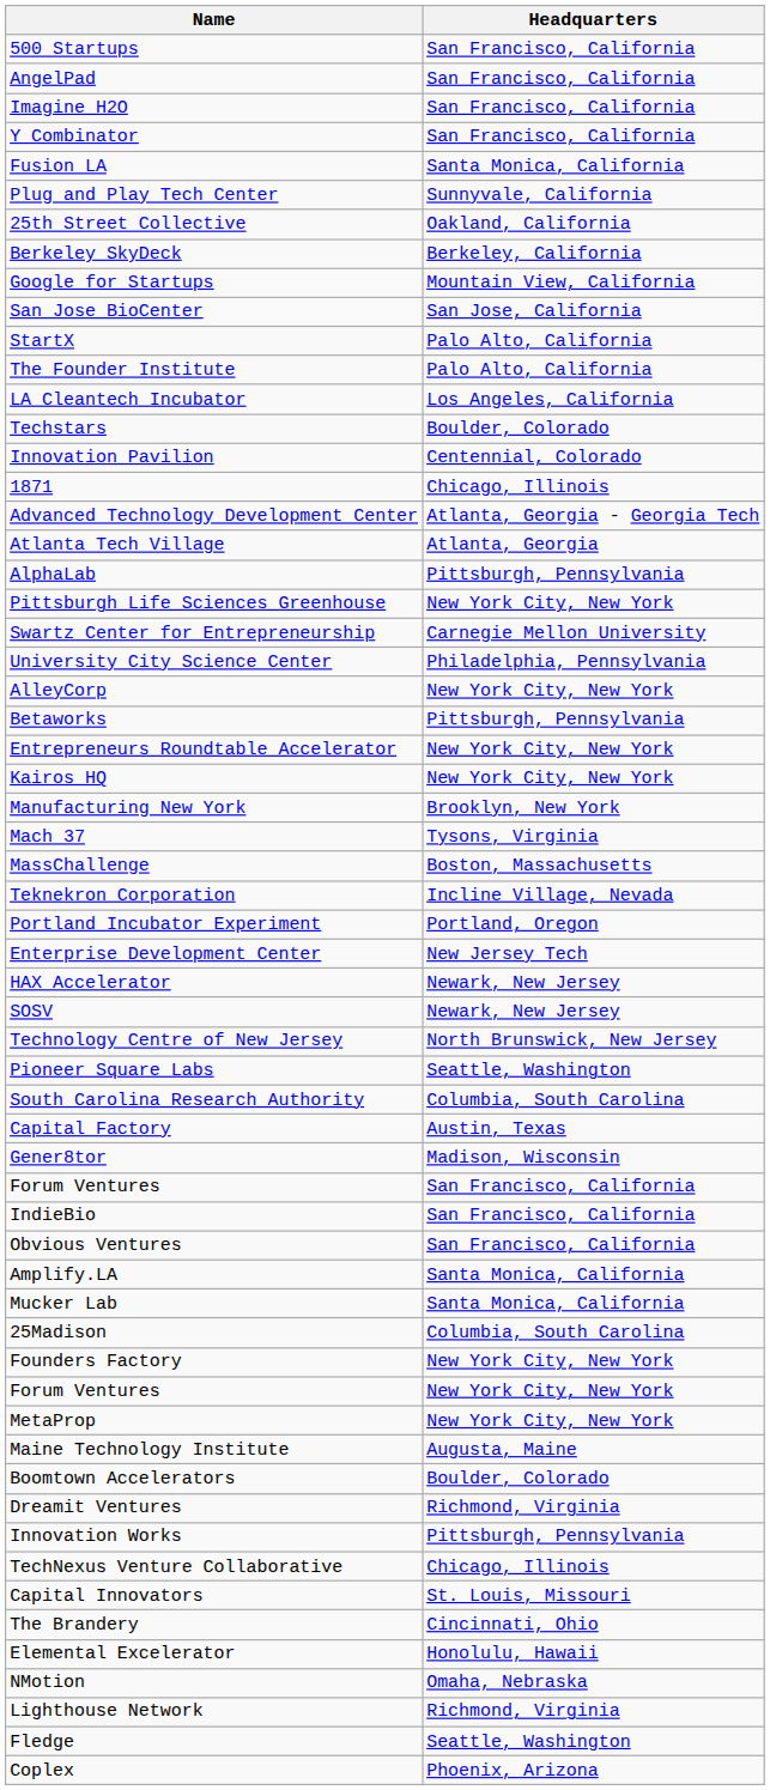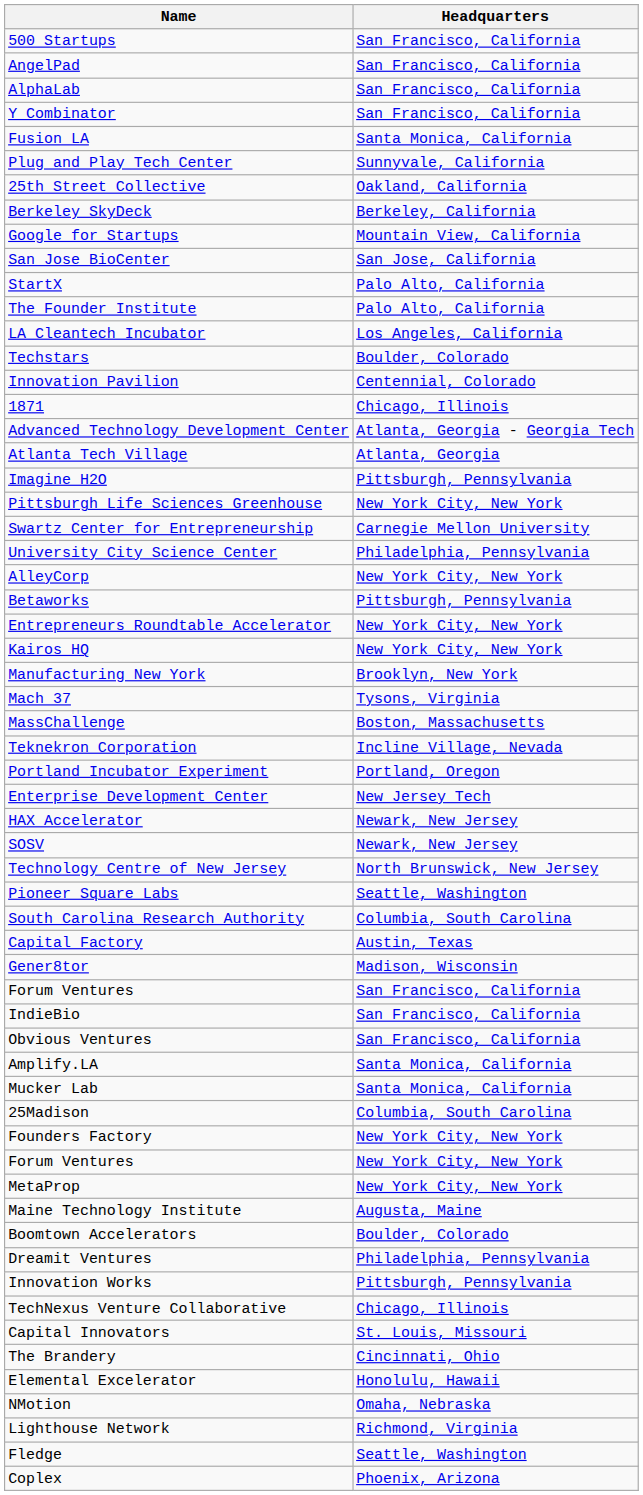 <table class="wikitable sortable">
 <tr>
 <th>Name</th>
 <th>Headquarters</th>
 </tr>
 <tr>
 <td><a href='#'>500 Startups</a></td>
 <td><a href='#'>San Francisco, California</a></td>
 </tr>
 <tr>
 <td><a href='#'>AngelPad</a></td>
 <td><a href='#'>San Francisco, California</a></td>
 </tr>
 <tr>
-<td><a href='#'>Imagine H2O</a></td>
+<td><a href='#'>AlphaLab</a></td>
 <td><a href='#'>San Francisco, California</a></td>
 </tr>
 <tr>
 <td><a href='#'>Y Combinator</a></td>
 <td><a href='#'>San Francisco, California</a></td>
 </tr>
 <tr>
 <td><a href='#'>Fusion LA</a></td>
 <td><a href='#'>Santa Monica, California</a></td>
 </tr>
 <tr>
 <td><a href='#'>Plug and Play Tech Center</a></td>
 <td><a href='#'>Sunnyvale, California</a></td>
 </tr>
 <tr>
 <td><a href='#'>25th Street Collective</a></td>
 <td><a href='#'>Oakland, California</a></td>
 </tr>
 <tr>
 <td><a href='#'>Berkeley SkyDeck</a></td>
 <td><a href='#'>Berkeley, California</a></td>
 </tr>
 <tr>
 <td><a href='#'>Google for Startups</a></td>
 <td><a href='#'>Mountain View, California</a></td>
 </tr>
 <tr>
 <td><a href='#'>San Jose BioCenter</a></td>
 <td><a href='#'>San Jose, California</a></td>
 </tr>
 <tr>
 <td><a href='#'>StartX</a></td>
 <td><a href='#'>Palo Alto, California</a></td>
 </tr>
 <tr>
 <td><a href='#'>The Founder Institute</a></td>
 <td><a href='#'>Palo Alto, California</a></td>
 </tr>
 <tr>
 <td><a href='#'>LA Cleantech Incubator</a></td>
 <td><a href='#'>Los Angeles, California</a></td>
 </tr>
 <tr>
 <td><a href='#'>Techstars</a></td>
 <td><a href='#'>Boulder, Colorado</a></td>
 </tr>
 <tr>
 <td><a href='#'>Innovation Pavilion</a></td>
 <td><a href='#'>Centennial, Colorado</a></td>
 </tr>
 <tr>
 <td><a href='#'>1871</a></td>
 <td><a href='#'>Chicago, Illinois</a></td>
 </tr>
 <tr>
 <td><a href='#'>Advanced Technology Development Center</a></td>
 <td><a href='#'>Atlanta, Georgia</a> - <a href='#'>Georgia Tech</a></td>
 </tr>
 <tr>
 <td><a href='#'>Atlanta Tech Village</a></td>
 <td><a href='#'>Atlanta, Georgia</a></td>
 </tr>
 <tr>
-<td><a href='#'>AlphaLab</a></td>
+<td><a href='#'>Imagine H2O</a></td>
 <td><a href='#'>Pittsburgh, Pennsylvania</a></td>
 </tr>
 <tr>
 <td><a href='#'>Pittsburgh Life Sciences Greenhouse</a></td>
 <td><a href='#'>New York City, New York</a></td>
 </tr>
 <tr>
 <td><a href='#'>Swartz Center for Entrepreneurship</a></td>
 <td><a href='#'>Carnegie Mellon University</a></td>
 </tr>
 <tr>
 <td><a href='#'>University City Science Center</a></td>
 <td><a href='#'>Philadelphia, Pennsylvania</a></td>
 </tr>
 <tr>
 <td><a href='#'>AlleyCorp</a></td>
 <td><a href='#'>New York City, New York</a></td>
 </tr>
 <tr>
 <td><a href='#'>Betaworks</a></td>
 <td><a href='#'>Pittsburgh, Pennsylvania</a></td>
 </tr>
 <tr>
 <td><a href='#'>Entrepreneurs Roundtable Accelerator</a></td>
 <td><a href='#'>New York City, New York</a></td>
 </tr>
 <tr>
 <td><a href='#'>Kairos HQ</a></td>
 <td><a href='#'>New York City, New York</a></td>
 </tr>
 <tr>
 <td><a href='#'>Manufacturing New York</a></td>
 <td><a href='#'>Brooklyn, New York</a></td>
 </tr>
 <tr>
 <td><a href='#'>Mach 37</a></td>
 <td><a href='#'>Tysons, Virginia</a></td>
 </tr>
 <tr>
 <td><a href='#'>MassChallenge</a></td>
 <td><a href='#'>Boston, Massachusetts</a></td>
 </tr>
 <tr>
 <td><a href='#'>Teknekron Corporation</a></td>
 <td><a href='#'>Incline Village, Nevada</a></td>
 </tr>
 <tr>
 <td><a href='#'>Portland Incubator Experiment</a></td>
 <td><a href='#'>Portland, Oregon</a></td>
 </tr>
 <tr>
 <td><a href='#'>Enterprise Development Center</a></td>
 <td><a href='#'>New Jersey Tech</a></td>
 </tr>
 <tr>
 <td><a href='#'>HAX Accelerator</a></td>
 <td><a href='#'>Newark, New Jersey</a></td>
 </tr>
 <tr>
 <td><a href='#'>SOSV</a></td>
 <td><a href='#'>Newark, New Jersey</a></td>
 </tr>
 <tr>
 <td><a href='#'>Technology Centre of New Jersey</a></td>
 <td><a href='#'>North Brunswick, New Jersey</a></td>
 </tr>
 <tr>
 <td><a href='#'>Pioneer Square Labs</a></td>
 <td><a href='#'>Seattle, Washington</a></td>
 </tr>
 <tr>
 <td><a href='#'>South Carolina Research Authority</a></td>
 <td><a href='#'>Columbia, South Carolina</a></td>
 </tr>
 <tr>
 <td><a href='#'>Capital Factory</a></td>
 <td><a href='#'>Austin, Texas</a></td>
 </tr>
 <tr>
 <td><a href='#'>Gener8tor</a></td>
 <td><a href='#'>Madison, Wisconsin</a></td>
 </tr>
 <tr>
 <td>Forum Ventures</td>
 <td><a href='#'>San Francisco, California</a></td>
 </tr>
 <tr>
 <td>IndieBio</td>
 <td><a href='#'>San Francisco, California</a></td>
 </tr>
 <tr>
 <td>Obvious Ventures</td>
 <td><a href='#'>San Francisco, California</a></td>
 </tr>
 <tr>
 <td>Amplify.LA</td>
 <td><a href='#'>Santa Monica, California</a></td>
 </tr>
 <tr>
 <td>Mucker Lab</td>
 <td><a href='#'>Santa Monica, California</a></td>
 </tr>
 <tr>
 <td>25Madison</td>
 <td><a href='#'>Columbia, South Carolina</a></td>
 </tr>
 <tr>
 <td>Founders Factory</td>
 <td><a href='#'>New York City, New York</a></td>
 </tr>
 <tr>
 <td>Forum Ventures</td>
 <td><a href='#'>New York City, New York</a></td>
 </tr>
 <tr>
 <td>MetaProp</td>
 <td><a href='#'>New York City, New York</a></td>
 </tr>
 <tr>
 <td>Maine Technology Institute</td>
 <td><a href='#'>Augusta, Maine</a></td>
 </tr>
 <tr>
 <td>Boomtown Accelerators</td>
 <td><a href='#'>Boulder, Colorado</a></td>
 </tr>
 <tr>
 <td>Dreamit Ventures</td>
-<td><a href='#'>Richmond, Virginia</a></td>
+<td><a href='#'>Philadelphia, Pennsylvania</a></td>
 </tr>
 <tr>
 <td>Innovation Works</td>
 <td><a href='#'>Pittsburgh, Pennsylvania</a></td>
 </tr>
 <tr>
 <td>TechNexus Venture Collaborative</td>
 <td><a href='#'>Chicago, Illinois</a></td>
 </tr>
 <tr>
 <td>Capital Innovators</td>
 <td><a href='#'>St. Louis, Missouri</a></td>
 </tr>
 <tr>
 <td>The Brandery</td>
 <td><a href='#'>Cincinnati, Ohio</a></td>
 </tr>
 <tr>
 <td>Elemental Excelerator</td>
 <td><a href='#'>Honolulu, Hawaii</a></td>
 </tr>
 <tr>
 <td>NMotion</td>
 <td><a href='#'>Omaha, Nebraska</a></td>
 </tr>
 <tr>
 <td>Lighthouse Network</td>
 <td><a href='#'>Richmond, Virginia</a></td>
 </tr>
 <tr>
 <td>Fledge</td>
 <td><a href='#'>Seattle, Washington</a></td>
 </tr>
 <tr>
 <td>Coplex</td>
 <td><a href='#'>Phoenix, Arizona</a></td>
 </tr>
 </table>
